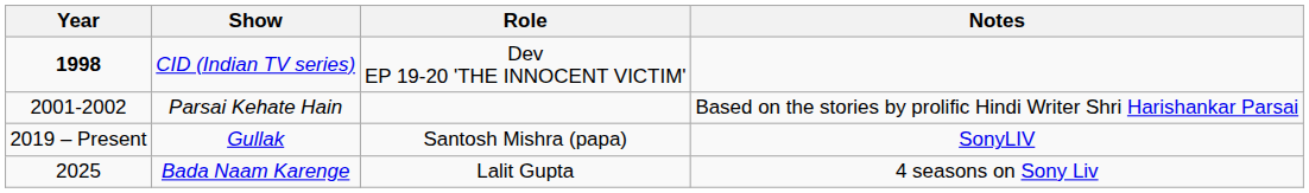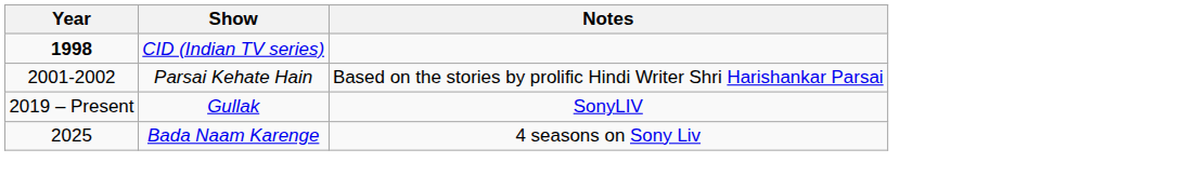 <table class="wikitable" style="text-align: center;">
 <tr>
 <th>Year</th>
 <th>Show</th>
-<th>Role</th>
 <th>Notes</th>
 </tr>
 <tr>
 <td><strong>1998</strong></td>
 <td><em><a href='#'>CID (Indian TV series)</a></em></td>
-<td>Dev<br>EP 19-20 'THE INNOCENT VICTIM'</td>
 <td></td>
 </tr>
 <tr>
 <td>2001-2002</td>
 <td><em>Parsai Kehate Hain</em></td>
-<td></td>
 <td>Based on the stories by prolific Hindi Writer Shri <a href='#'>Harishankar Parsai</a></td>
 </tr>
 <tr>
 <td>2019 – Present</td>
 <td><em><a href='#'>Gullak</a></em></td>
-<td>Santosh Mishra (papa)</td>
 <td><a href='#'>SonyLIV</a></td>
 </tr>
 <tr>
 <td>2025</td>
 <td><em><a href='#'>Bada Naam Karenge</a></em></td>
-<td>Lalit Gupta</td>
 <td>4 seasons on <a href='#'>Sony Liv</a></td>
 </tr>
 </table>
